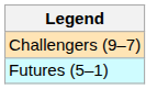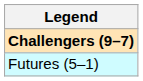 <table class=wikitable style=font-size:90%>
 <tr>
 <th>Legend</th>
 </tr>
 <tr bgcolor=moccasin>
-<td>Challengers (9–7)</td>
+<td><strong>Challengers (9–7)</strong></td>
 </tr>
 <tr bgcolor=CFFCFF>
 <td>Futures (5–1)</td>
 </tr>
 </table>
